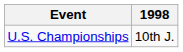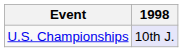 <table class="wikitable" style="text-align:center">
 <tr>
 <th>Event</th>
 <th>1998</th>
 </tr>
 <tr>
 <td align=left><a href='#'>U.S. Championships</a></td>
-<td>10th J.</td>
+<td style="background: lavender;">10th J.</td>
 </tr>
 </table>
